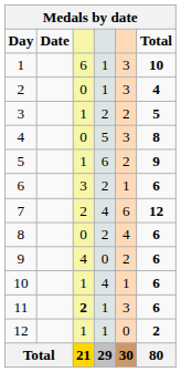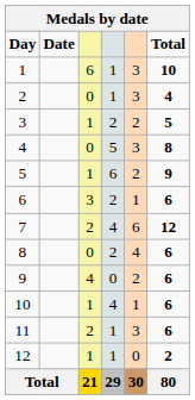 <table class="wikitable" style="font-size:95%">
 <tr style="background:#efefef;">
 <th colspan=6>Medals by date</th>
 </tr>
 <tr style="text-align:center;">
 <td><strong>Day</strong></td>
 <td><strong>Date</strong></td>
 <td style="background:#F7F6A8;"></td>
 <td style="background:#DCE5E5;"></td>
 <td style="background:#FFDAB9;"></td>
 <td><strong>Total</strong></td>
 </tr>
 <tr style="text-align:center;">
 <td>1</td>
 <td></td>
 <td style="background:#F7F6A8;">6</td>
 <td style="background:#DCE5E5;">1</td>
 <td style="background:#FFDAB9;">3</td>
 <td><strong>10</strong></td>
 </tr>
 <tr style="text-align:center;">
 <td>2</td>
 <td></td>
 <td style="background:#F7F6A8;">0</td>
 <td style="background:#DCE5E5;">1</td>
 <td style="background:#FFDAB9;">3</td>
 <td><strong>4</strong></td>
 </tr>
 <tr style="text-align:center;">
 <td>3</td>
 <td></td>
 <td style="background:#F7F6A8;">1</td>
 <td style="background:#DCE5E5;">2</td>
 <td style="background:#FFDAB9;">2</td>
 <td><strong>5</strong></td>
 </tr>
 <tr style="text-align:center;">
 <td>4</td>
 <td></td>
 <td style="background:#F7F6A8;">0</td>
 <td style="background:#DCE5E5;">5</td>
 <td style="background:#FFDAB9;">3</td>
 <td><strong>8</strong></td>
 </tr>
 <tr style="text-align:center;">
 <td>5</td>
 <td></td>
 <td style="background:#F7F6A8;">1</td>
 <td style="background:#DCE5E5;">6</td>
 <td style="background:#FFDAB9;">2</td>
 <td><strong>9</strong></td>
 </tr>
 <tr style="text-align:center;">
 <td>6</td>
 <td></td>
 <td style="background:#F7F6A8;">3</td>
 <td style="background:#DCE5E5;">2</td>
 <td style="background:#FFDAB9;">1</td>
 <td><strong>6</strong></td>
 </tr>
 <tr style="text-align:center;">
 <td>7</td>
 <td></td>
 <td style="background:#F7F6A8;">2</td>
 <td style="background:#DCE5E5;">4</td>
 <td style="background:#FFDAB9;">6</td>
 <td><strong>12</strong></td>
 </tr>
 <tr style="text-align:center;">
 <td>8</td>
 <td></td>
 <td style="background:#F7F6A8;">0</td>
 <td style="background:#DCE5E5;">2</td>
 <td style="background:#FFDAB9;">4</td>
 <td><strong>6</strong></td>
 </tr>
 <tr style="text-align:center;">
 <td>9</td>
 <td></td>
 <td style="background:#F7F6A8;">4</td>
 <td style="background:#DCE5E5;">0</td>
 <td style="background:#FFDAB9;">2</td>
 <td><strong>6</strong></td>
 </tr>
 <tr style="text-align:center;">
 <td>10</td>
 <td></td>
 <td style="background:#F7F6A8;">1</td>
 <td style="background:#DCE5E5;">4</td>
 <td style="background:#FFDAB9;">1</td>
 <td><strong>6</strong></td>
 </tr>
 <tr style="text-align:center;">
 <td>11</td>
 <td></td>
-<td style="background:#F7F6A8;"><strong>2</strong></td>
+<td style="background:#F7F6A8;">2</td>
 <td style="background:#DCE5E5;">1</td>
 <td style="background:#FFDAB9;">3</td>
 <td><strong>6</strong></td>
 </tr>
 <tr style="text-align:center;">
 <td>12</td>
 <td></td>
 <td style="background:#F7F6A8;">1</td>
 <td style="background:#DCE5E5;">1</td>
 <td style="background:#FFDAB9;">0</td>
 <td><strong>2</strong></td>
 </tr>
 <tr>
 <th colspan="2">Total</th>
 <th style="background:gold;">21</th>
 <th style="background:silver;">29</th>
 <th style="background:#c96;">30</th>
 <th>80</th>
 </tr>
 </table>
